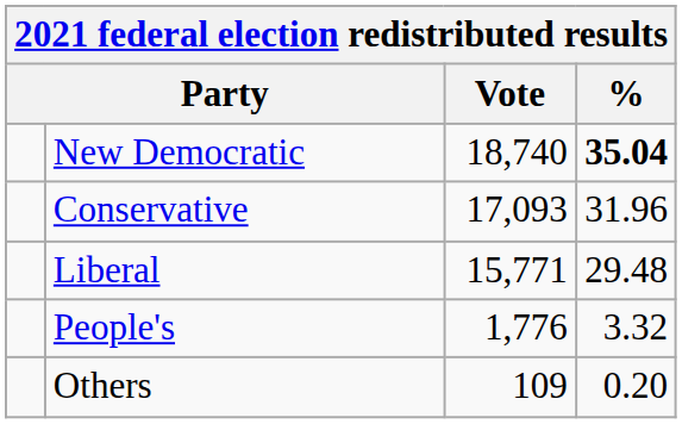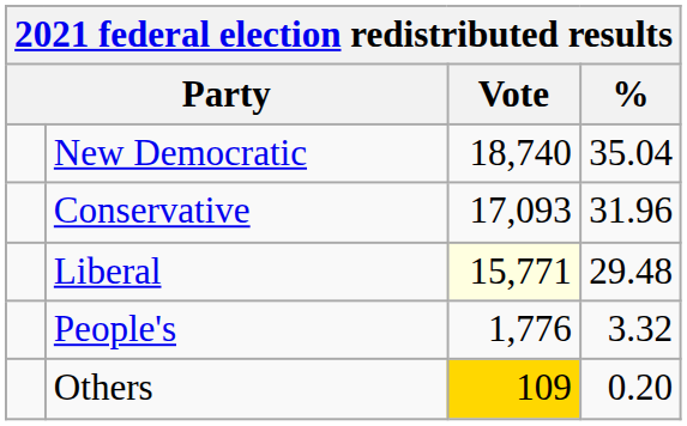 <table class="wikitable">
 <tr>
 <th colspan="4"><a href='#'>2021 federal election</a> redistributed results</th>
 </tr>
 <tr>
 <th bgcolor="#DDDDFF" width="130px" colspan="2">Party</th>
 <th bgcolor="#DDDDFF" width="50px">Vote</th>
 <th bgcolor="#DDDDFF" width="30px">%</th>
 </tr>
 <tr>
 <td> </td>
 <td><a href='#'>New Democratic</a></td>
 <td align=right>18,740</td>
-<td align=right><strong>35.04</strong></td>
+<td align=right>35.04</td>
 </tr>
 <tr>
 <td> </td>
 <td><a href='#'>Conservative</a></td>
 <td align=right>17,093</td>
 <td align=right>31.96</td>
 </tr>
 <tr>
 <td> </td>
 <td><a href='#'>Liberal</a></td>
-<td align=right>15,771</td>
+<td align=right style="background: lightyellow;">15,771</td>
 <td align=right>29.48</td>
 </tr>
 <tr>
 <td> </td>
 <td><a href='#'>People's</a></td>
 <td align=right>1,776</td>
 <td align=right>3.32</td>
 </tr>
 <tr>
 <td> </td>
 <td>Others</td>
-<td align=right>109</td>
+<td align=right style="background: gold;">109</td>
 <td align=right>0.20</td>
 </tr>
 </table>
